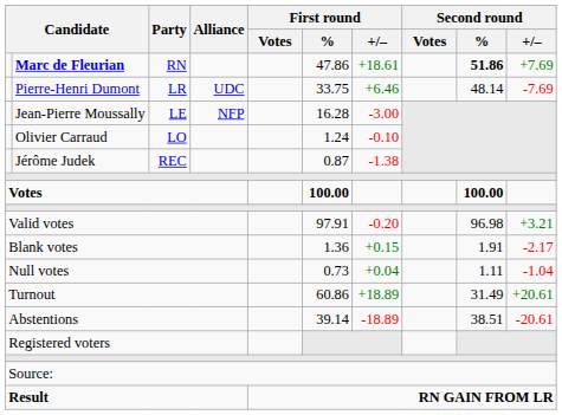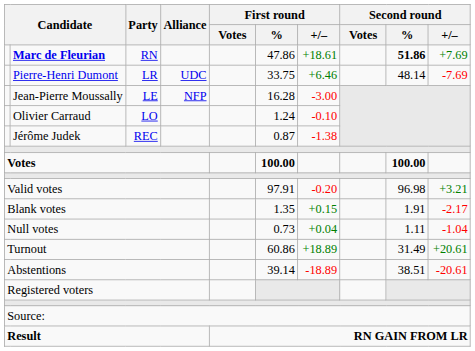 <table class="wikitable" style="text-align:right;font-size:95%;">
 <tr>
 <th rowspan="2" colspan="2">Candidate</th>
 <th colspan="1" rowspan="2">Party</th>
 <th colspan="1" rowspan="2">Alliance</th>
 <th colspan="3">First round</th>
 <th colspan="3">Second round</th>
 </tr>
 <tr>
 <th style="width:50px;">Votes</th>
 <th style="width:45px;">%</th>
 <th style="width:45px;">+/–</th>
 <th style="width:50px;">Votes</th>
 <th style="width:45px;">%</th>
 <th style="width:45px;">+/–</th>
 </tr>
 <tr>
 <td style="background:"></td>
 <td style="text-align:left;"><strong><a href='#'>Marc de Fleurian</a></strong></td>
 <td><a href='#'>RN</a></td>
 <td></td>
 <td></td>
 <td>47.86</td>
 <td style="color:green;">+18.61</td>
 <td><strong></strong></td>
 <td><strong>51.86</strong></td>
 <td style="color:green;">+7.69</td>
 </tr>
 <tr>
 <td style="background:"></td>
 <td style="text-align:left;"><a href='#'>Pierre-Henri Dumont</a></td>
 <td><a href='#'>LR</a></td>
 <td><a href='#'>UDC</a></td>
 <td></td>
 <td>33.75</td>
 <td style="color:green;">+6.46</td>
 <td></td>
 <td>48.14</td>
 <td style="color:red;">-7.69</td>
 </tr>
 <tr>
 <td style="background:"></td>
 <td style="text-align:left;">Jean-Pierre Moussally</td>
 <td><a href='#'>LE</a></td>
 <td><a href='#'>NFP</a></td>
 <td></td>
 <td>16.28</td>
 <td style="color:red;">-3.00</td>
 <td colspan="3" rowspan="3" style="background:#E9E9E9;"></td>
 </tr>
 <tr>
 <td style="background:"></td>
 <td style="text-align:left;">Olivier Carraud</td>
 <td><a href='#'>LO</a></td>
 <td></td>
 <td></td>
 <td>1.24</td>
 <td style="color:red;">-0.10</td>
 </tr>
 <tr>
 <td style="background:"></td>
 <td style="text-align:left;">Jérôme Judek</td>
 <td><a href='#'>REC</a></td>
 <td></td>
 <td></td>
 <td>0.87</td>
 <td style="color:red;">-1.38</td>
 </tr>
 <tr>
 <td colspan="10" style="background:#E9E9E9;"></td>
 </tr>
 <tr style="font-weight:bold;">
 <td colspan="4" style="text-align:left;">Votes</td>
 <td></td>
 <td>100.00</td>
 <td></td>
 <td></td>
 <td>100.00</td>
 <td></td>
 </tr>
 <tr>
 <td colspan="10" style="background:#E9E9E9;"></td>
 </tr>
 <tr>
 <td colspan="4" style="text-align:left;">Valid votes</td>
 <td></td>
 <td>97.91</td>
 <td style="color:red;">-0.20</td>
 <td></td>
 <td>96.98</td>
 <td style="color:green;">+3.21</td>
 </tr>
 <tr>
 <td colspan="4" style="text-align:left;">Blank votes</td>
 <td></td>
-<td>1.36</td>
+<td>1.35</td>
 <td style="color:green;">+0.15</td>
 <td></td>
 <td>1.91</td>
 <td style="color:red;">-2.17</td>
 </tr>
 <tr>
 <td colspan="4" style="text-align:left;">Null votes</td>
 <td></td>
 <td>0.73</td>
 <td style="color:green;">+0.04</td>
 <td></td>
 <td>1.11</td>
 <td style="color:red;">-1.04</td>
 </tr>
 <tr>
 <td colspan="4" style="text-align:left;">Turnout</td>
 <td></td>
 <td>60.86</td>
 <td style="color:green;">+18.89</td>
 <td></td>
 <td>31.49</td>
 <td style="color:green;">+20.61</td>
 </tr>
 <tr>
 <td colspan="4" style="text-align:left;">Abstentions</td>
 <td></td>
 <td>39.14</td>
 <td style="color:red;">-18.89</td>
 <td></td>
 <td>38.51</td>
 <td style="color:red;">-20.61</td>
 </tr>
 <tr>
 <td colspan="4" style="text-align:left;">Registered voters</td>
 <td></td>
 <td colspan="2" style="background:#E9E9E9;"></td>
 <td></td>
 <td colspan="2" style="background:#E9E9E9;"></td>
 </tr>
 <tr>
 <td colspan="10" style="background:#E9E9E9;"></td>
 </tr>
 <tr>
 <td colspan="10" style="text-align:left;">Source: </td>
 </tr>
 <tr style="font-weight:bold">
 <td colspan="4" style="text-align:left;">Result</td>
 <td colspan="6" style="background-color:">RN GAIN FROM LR</td>
 </tr>
 </table>
